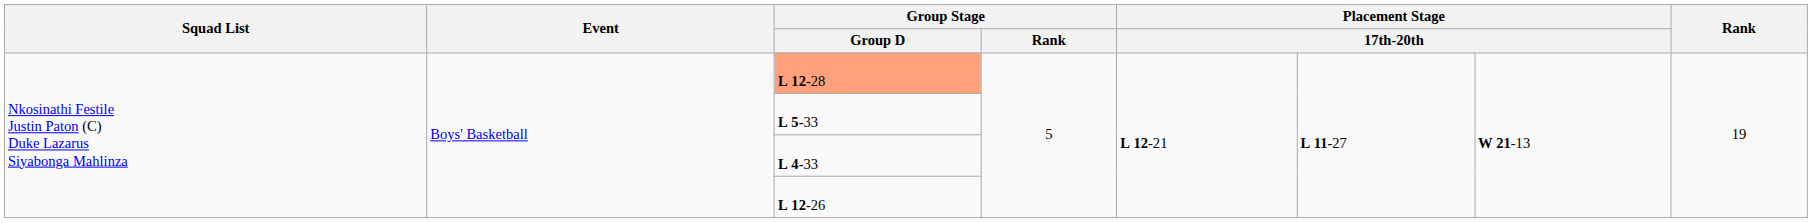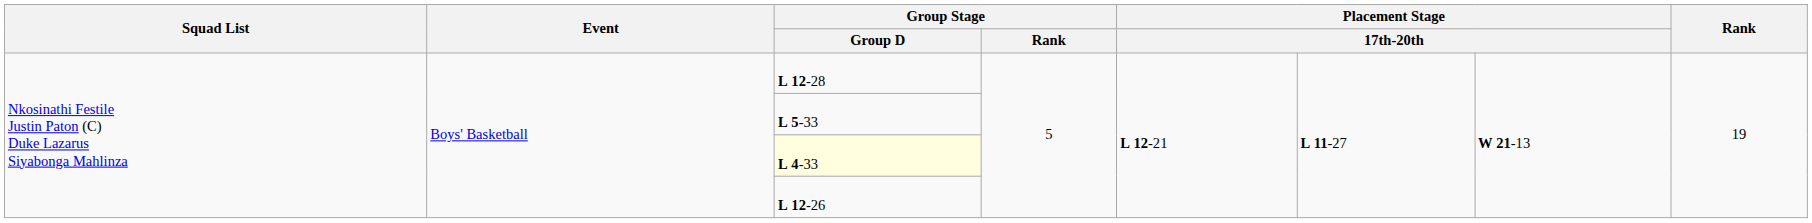 <table class="wikitable" width="90%" style="text-align:left; font-size:90%">
 <tr>
 <th rowspan="2">Squad List</th>
 <th rowspan="2">Event</th>
 <th colspan="2">Group Stage</th>
 <th colspan="3">Placement Stage</th>
 <th rowspan="2">Rank</th>
 </tr>
 <tr>
 <th>Group D</th>
 <th>Rank</th>
 <th colspan="3">17th-20th</th>
 </tr>
 <tr>
 <td rowspan="4"><a href='#'>Nkosinathi Festile</a><br><a href='#'>Justin Paton</a> (C)<br><a href='#'>Duke Lazarus</a><br><a href='#'>Siyabonga Mahlinza</a></td>
 <td rowspan="4"><a href='#'>Boys' Basketball</a></td>
-<td style="background: lightsalmon;"><br> <strong>L</strong> <strong>12</strong>-28</td>
+<td><br> <strong>L</strong> <strong>12</strong>-28</td>
 <td rowspan="4" align=center>5</td>
 <td rowspan="4"> <br> <strong>L</strong> <strong>12</strong>-21</td>
 <td rowspan="4"> <br> <strong>L</strong> <strong>11</strong>-27</td>
 <td rowspan="4"> <br> <strong>W</strong> <strong>21</strong>-13</td>
 <td rowspan="4" align="center">19</td>
 </tr>
 <tr>
 <td><br> <strong>L</strong> <strong>5</strong>-33</td>
 </tr>
 <tr>
-<td><br> <strong>L</strong> <strong>4</strong>-33</td>
+<td style="background: lightyellow;"><br> <strong>L</strong> <strong>4</strong>-33</td>
 </tr>
 <tr>
 <td><br> <strong>L</strong> <strong>12</strong>-26</td>
 </tr>
 </table>
